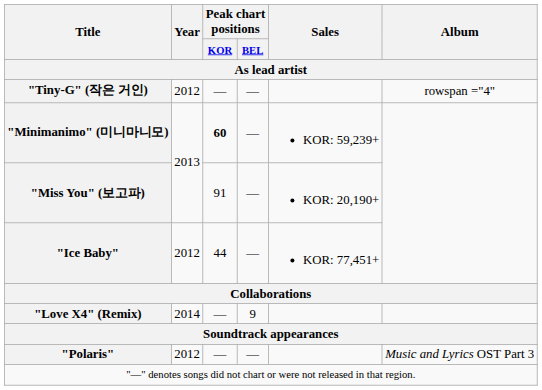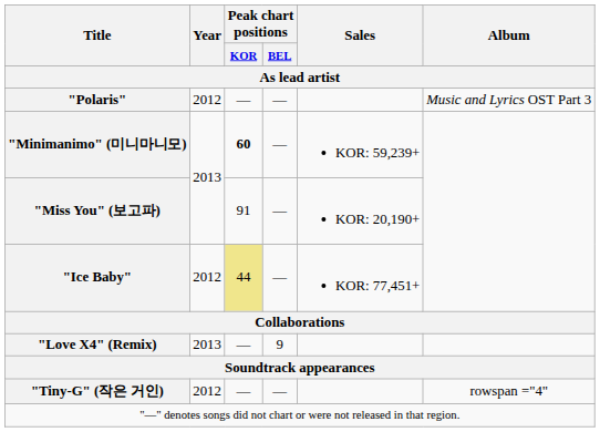 <table class="wikitable plainrowheaders" style="text-align:center;">
 <tr>
 <th scope="col" rowspan="2">Title</th>
 <th scope="col" rowspan="2">Year</th>
 <th scope="col" colspan="2">Peak chart <br> positions</th>
 <th scope="col" rowspan="2">Sales <small></small></th>
 <th scope="col" rowspan="2">Album</th>
 </tr>
 <tr>
 <th><small><a href='#'>KOR</a></small><br></th>
 <th><small><a href='#'>BEL</a></small><br></th>
 </tr>
 <tr>
 <th scope="col" colspan="6">As lead artist</th>
 </tr>
 <tr>
-<th scope="row">"Tiny-G" (작은 거인)</th>
+<th scope="row">"Polaris"</th>
 <td>2012</td>
 <td>—</td>
 <td>—</td>
 <td></td>
-<td>rowspan ="4" </td>
+<td><em>Music and Lyrics</em> OST Part 3</td>
 </tr>
 <tr>
 <th scope="row">"Minimanimo" (미니마니모)</th>
 <td rowspan="2">2013</td>
 <td><strong>60</strong></td>
 <td>—</td>
 <td><br><ul><li>KOR: 59,239+</li></ul></td>
 </tr>
 <tr>
 <th scope="row">"Miss You" (보고파)</th>
 <td>91</td>
 <td>—</td>
 <td><br><ul><li>KOR: 20,190+</li></ul></td>
 </tr>
 <tr>
 <th scope="row">"Ice Baby"</th>
 <td>2012</td>
-<td>44</td>
+<td style="background: khaki;">44</td>
 <td>—</td>
 <td><br><ul><li>KOR: 77,451+</li></ul></td>
 </tr>
 <tr>
 <th scope="col" colspan="6">Collaborations</th>
 </tr>
 <tr>
 <th scope="row">"Love X4" (Remix)<br></th>
-<td>2014</td>
+<td>2013</td>
 <td>—</td>
 <td>9</td>
 <td></td>
 <td></td>
 </tr>
 <tr>
 <th scope="col" colspan="6">Soundtrack appearances</th>
 </tr>
 <tr>
-<th scope="row">"Polaris"</th>
+<th scope="row">"Tiny-G" (작은 거인)</th>
 <td>2012</td>
 <td>—</td>
 <td>—</td>
 <td></td>
-<td><em>Music and Lyrics</em> OST Part 3</td>
+<td>rowspan ="4" </td>
 </tr>
 <tr>
 <td colspan="6" align="center"><small>"—" denotes songs did not chart or were not released in that region.</small></td>
 </tr>
 </table>
